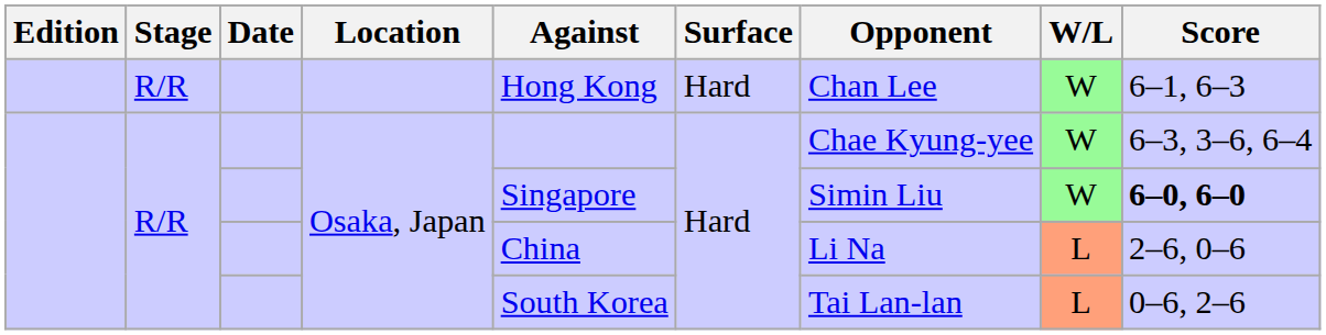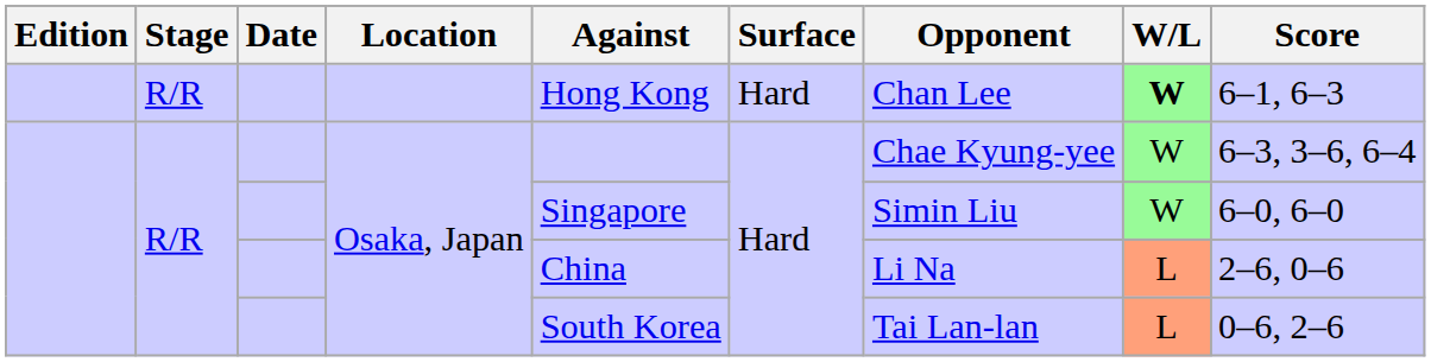 <table class=wikitable style=font-size:97%>
 <tr>
 <th>Edition</th>
 <th>Stage</th>
 <th>Date</th>
 <th>Location</th>
 <th>Against</th>
 <th>Surface</th>
 <th>Opponent</th>
 <th>W/L</th>
 <th>Score</th>
 </tr>
 <tr style="background:#ccccff;">
 <td rowspan="1"></td>
 <td rowspan="1"><a href='#'>R/R</a></td>
 <td></td>
 <td rowspan="1"></td>
 <td> <a href='#'>Hong Kong</a></td>
 <td rowspan="1">Hard</td>
 <td> <a href='#'>Chan Lee</a></td>
-<td style="text-align:center; background:#98fb98;">W</td>
+<td style="text-align:center; background:#98fb98;"><strong>W</strong></td>
 <td>6–1, 6–3</td>
 </tr>
 <tr style="background:#ccccff;">
 <td rowspan="4"></td>
 <td rowspan="4"><a href='#'>R/R</a></td>
 <td></td>
 <td rowspan="4"><a href='#'>Osaka</a>, Japan</td>
 <td> </td>
 <td rowspan="4">Hard</td>
 <td> <a href='#'>Chae Kyung-yee</a></td>
 <td style="text-align:center; background:#98fb98;">W</td>
 <td>6–3, 3–6, 6–4</td>
 </tr>
 <tr style="background:#ccccff;">
 <td></td>
 <td> <a href='#'>Singapore</a></td>
 <td> <a href='#'>Simin Liu</a></td>
 <td style="text-align:center; background:#98fb98;">W</td>
-<td><strong>6–0, 6–0</strong></td>
+<td>6–0, 6–0</td>
 </tr>
 <tr style="background:#ccccff;">
 <td></td>
 <td> <a href='#'>China</a></td>
 <td> <a href='#'>Li Na</a></td>
 <td style="text-align:center; background:#ffa07a;">L</td>
 <td>2–6, 0–6</td>
 </tr>
 <tr style="background:#ccccff;">
 <td></td>
 <td> <a href='#'>South Korea</a></td>
 <td> <a href='#'>Tai Lan-lan</a></td>
 <td style="text-align:center; background:#ffa07a;">L</td>
 <td>0–6, 2–6</td>
 </tr>
 </table>
